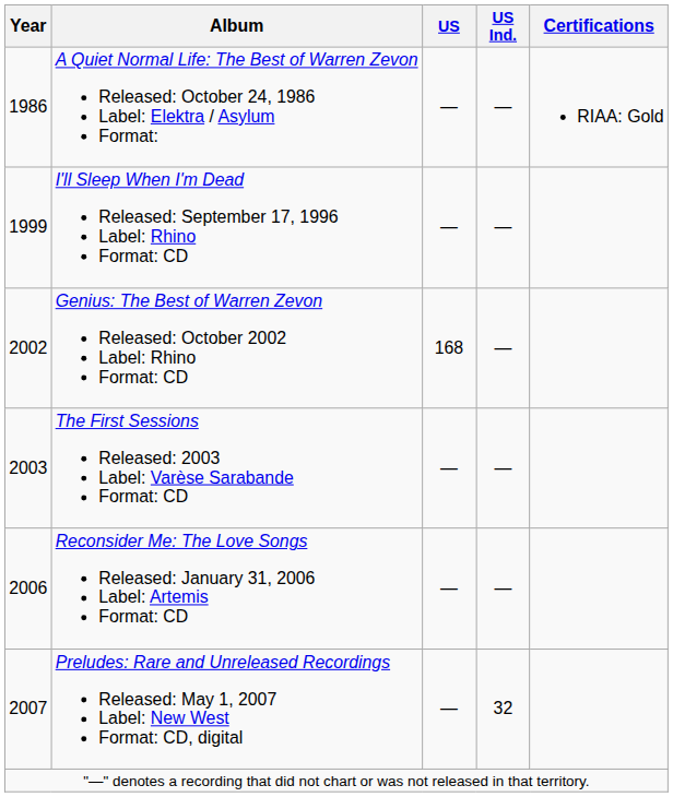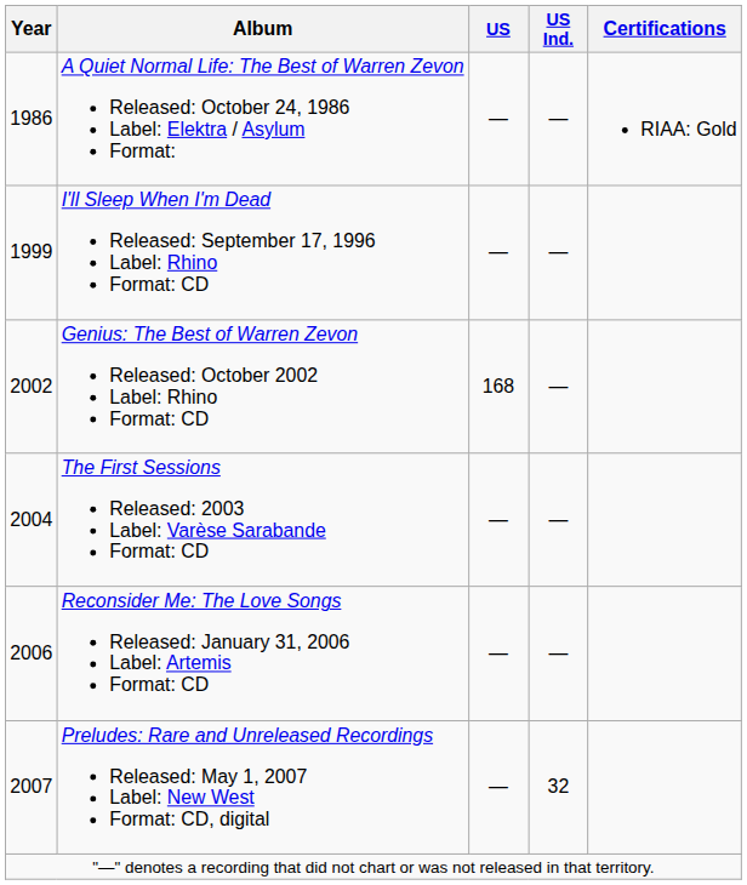 <table class="wikitable">
 <tr>
 <th>Year</th>
 <th>Album</th>
 <th style="width:3em;font-size:90%;"><a href='#'>US</a><br></th>
 <th style="width:3em;font-size:90%;"><a href='#'>US<br>Ind.</a><br></th>
 <th><a href='#'>Certifications</a></th>
 </tr>
 <tr>
 <td>1986</td>
 <td><em><a href='#'>A Quiet Normal Life: The Best of Warren Zevon</a></em><br><ul><li>Released: October 24, 1986</li><li>Label: <a href='#'>Elektra</a> / <a href='#'>Asylum</a></li><li>Format:</li></ul></td>
 <td style="text-align:center;">—</td>
 <td style="text-align:center;">—</td>
 <td style="text-align:center;"><br><ul><li>RIAA: Gold</li></ul></td>
 </tr>
 <tr>
 <td>1999</td>
 <td><em><a href='#'>I'll Sleep When I'm Dead</a></em><br><ul><li>Released: September 17, 1996</li><li>Label: <a href='#'>Rhino</a></li><li>Format: CD</li></ul></td>
 <td style="text-align:center;">—</td>
 <td style="text-align:center;">—</td>
 <td style="text-align:center;"></td>
 </tr>
 <tr>
 <td>2002</td>
 <td><em><a href='#'>Genius: The Best of Warren Zevon</a></em><br><ul><li>Released: October 2002</li><li>Label: Rhino</li><li>Format: CD</li></ul></td>
 <td style="text-align:center;">168</td>
 <td style="text-align:center;">—</td>
 <td style="text-align:center;"></td>
 </tr>
 <tr>
-<td>2003</td>
+<td>2004</td>
 <td><em><a href='#'>The First Sessions</a></em><br><ul><li>Released: 2003</li><li>Label: <a href='#'>Varèse Sarabande</a></li><li>Format: CD</li></ul></td>
 <td style="text-align:center;">—</td>
 <td style="text-align:center;">—</td>
 <td style="text-align:center;"></td>
 </tr>
 <tr>
 <td>2006</td>
 <td><em><a href='#'>Reconsider Me: The Love Songs</a></em><br><ul><li>Released: January 31, 2006</li><li>Label: <a href='#'>Artemis</a></li><li>Format: CD</li></ul></td>
 <td style="text-align:center;">—</td>
 <td style="text-align:center;">—</td>
 <td style="text-align:center;"></td>
 </tr>
 <tr>
 <td>2007</td>
 <td><em><a href='#'>Preludes: Rare and Unreleased Recordings</a></em><br><ul><li>Released: May 1, 2007</li><li>Label: <a href='#'>New West</a></li><li>Format: CD, digital</li></ul></td>
 <td style="text-align:center;">—</td>
 <td style="text-align:center;">32</td>
 <td style="text-align:center;"></td>
 </tr>
 <tr>
 <td colspan="11" style="font-size:85%; text-align:center">"—" denotes a recording that did not chart or was not released in that territory.</td>
 </tr>
 </table>
